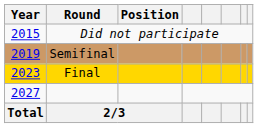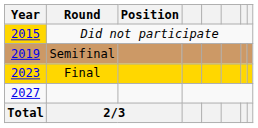 <table class="wikitable" style="text-align: center;">
 <tr>
 <th>Year</th>
 <th>Round</th>
 <th>Position</th>
 <th width="15"></th>
 <th width="15"></th>
 <th width="15"></th>
 <th></th>
 <th></th>
 </tr>
 <tr>
-<td> <a href='#'>2015</a></td>
+<td style="background: gold;"> <a href='#'>2015</a></td>
 <td colspan=7><em>Did not participate</em></td>
 </tr>
 <tr bgcolor=cc9966>
 <td> <a href='#'>2019</a></td>
 <td>Semifinal</td>
 <td></td>
 <td></td>
 <td></td>
 <td></td>
 <td></td>
 <td></td>
 </tr>
 <tr bgcolor=gold>
 <td> <a href='#'>2023</a></td>
 <td>Final</td>
 <td></td>
 <td></td>
 <td></td>
 <td></td>
 <td></td>
 <td></td>
 </tr>
 <tr>
 <td> <a href='#'>2027</a></td>
 <td></td>
 <td></td>
 </tr>
 <tr>
 <th>Total</th>
 <th colspan="2">2/3</th>
 <th></th>
 <th></th>
 <th></th>
 <th></th>
 <th></th>
 </tr>
 </table>
